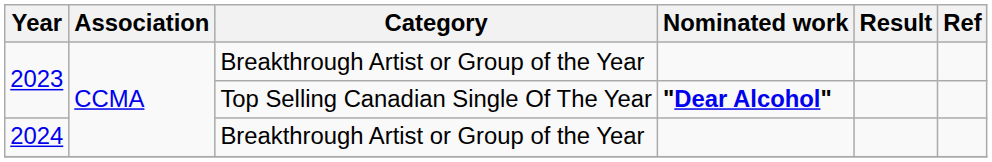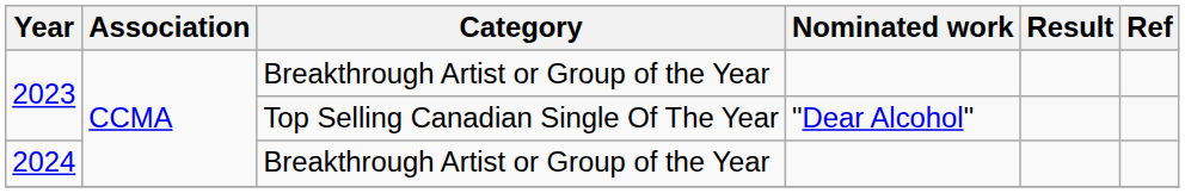 <table class="wikitable">
 <tr>
 <th>Year</th>
 <th>Association</th>
 <th>Category</th>
 <th>Nominated work</th>
 <th>Result</th>
 <th>Ref</th>
 </tr>
 <tr>
 <td rowspan="2"><a href='#'>2023</a></td>
 <td rowspan="3"><a href='#'>CCMA</a></td>
 <td>Breakthrough Artist or Group of the Year</td>
 <td></td>
 <td></td>
 <td></td>
 </tr>
 <tr>
 <td>Top Selling Canadian Single Of The Year</td>
-<td><strong>"<a href='#'>Dear Alcohol</a>"</strong></td>
+<td>"<a href='#'>Dear Alcohol</a>"</td>
 <td></td>
 <td></td>
 </tr>
 <tr>
 <td><a href='#'>2024</a></td>
 <td>Breakthrough Artist or Group of the Year</td>
 <td></td>
 <td></td>
 <td></td>
 </tr>
 <tr>
 </tr>
 </table>
